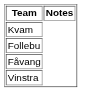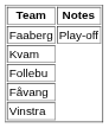 <table border="1" cellpadding="2">
 <tr>
 <th>Team</th>
 <th>Notes</th>
+</tr>
+<tr>
+<td>Faaberg</td>
+<td>Play-off</td>
 </tr>
 <tr>
 <td>Kvam</td>
 </tr>
 <tr>
 <td>Follebu</td>
 </tr>
 <tr>
 <td>Fåvang</td>
 </tr>
 <tr>
 <td>Vinstra</td>
 </tr>
 </table>
